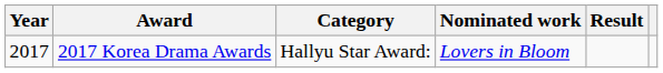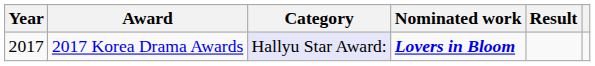 <table class="wikitable sortable">
 <tr>
 <th scope="col">Year</th>
 <th>Award</th>
 <th scope="col">Category</th>
 <th>Nominated work</th>
 <th scope="col">Result</th>
 <th scope="col" class="unsortable"></th>
 </tr>
 <tr>
 <td rowspan="2">2017</td>
 <td><a href='#'>2017 Korea Drama Awards</a></td>
-<td>Hallyu Star Award:</td>
-<td><em><a href='#'>Lovers in Bloom</a></em></td>
+<td style="background: lavender;">Hallyu Star Award:</td>
+<td><strong><em><a href='#'>Lovers in Bloom</a></em></strong></td>
 <td></td>
 <td></td>
 </tr>
 </table>
